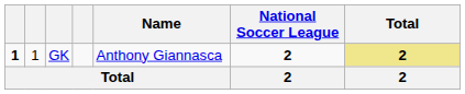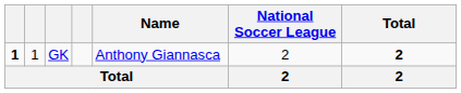 <table class="wikitable" style="text-align:center">
 <tr>
 <th width=15></th>
 <th width=15></th>
 <th width=15></th>
 <th width=15></th>
 <th width=145>Name</th>
 <th width=120><a href='#'>National Soccer League</a></th>
 <th width=120>Total</th>
 </tr>
 <tr>
 <td><strong>1</strong></td>
 <td>1</td>
 <td><a href='#'>GK</a></td>
 <td></td>
 <td align=left><a href='#'>Anthony Giannasca</a></td>
+<td>2</td>
 <td><strong>2</strong></td>
-<td style="background: khaki;"><strong>2</strong></td>
 </tr>
 <tr>
 <th colspan="5"><strong>Total</strong></th>
 <th>2</th>
 <th>2</th>
 </tr>
 </table>
